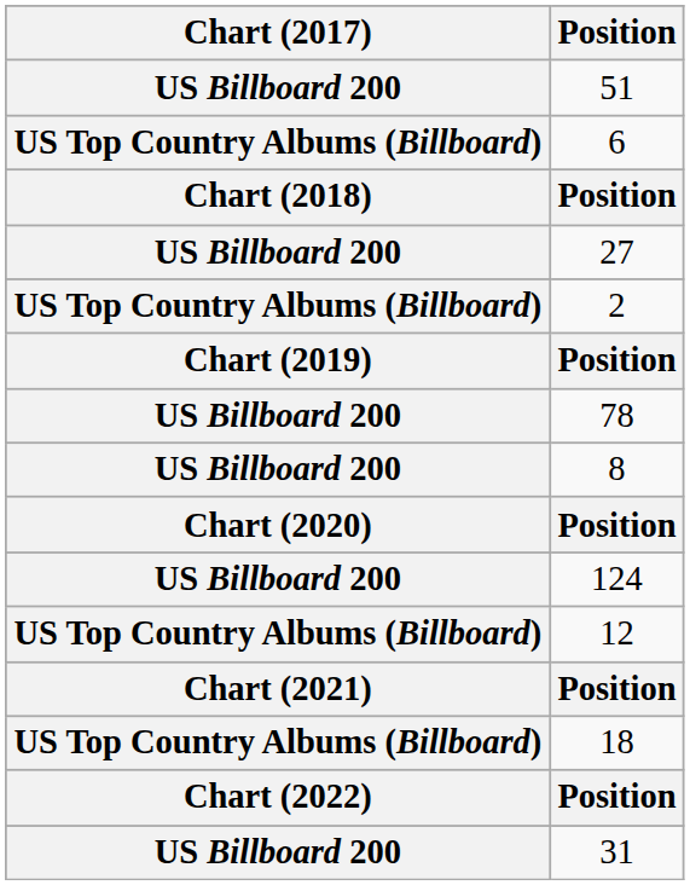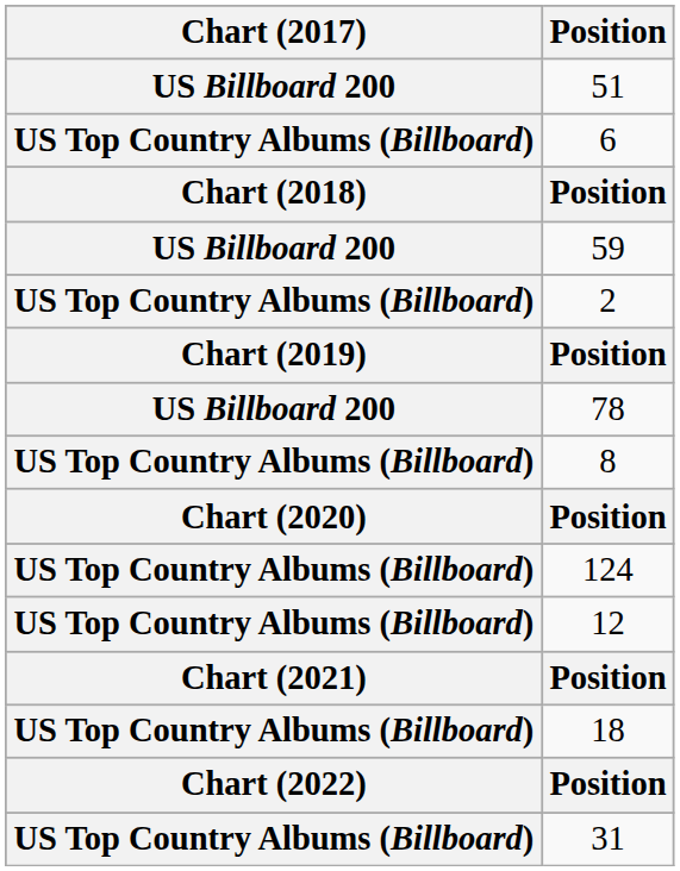 <table class="wikitable plainrowheaders" style="text-align:center">
 <tr>
 <th scope="col">Chart (2017)</th>
 <th scope="col">Position</th>
 </tr>
 <tr>
 <th scope="row">US <em>Billboard</em> 200</th>
 <td>51</td>
 </tr>
 <tr>
 <th scope="row">US Top Country Albums (<em>Billboard</em>)</th>
 <td>6</td>
 </tr>
 <tr>
 <th scope="col">Chart (2018)</th>
 <th scope="col">Position</th>
 </tr>
 <tr>
 <th scope="row">US <em>Billboard</em> 200</th>
-<td>27</td>
+<td>59</td>
 </tr>
 <tr>
 <th scope="row">US Top Country Albums (<em>Billboard</em>)</th>
 <td>2</td>
 </tr>
 <tr>
 <th scope="col">Chart (2019)</th>
 <th scope="col">Position</th>
 </tr>
 <tr>
 <th scope="row">US <em>Billboard</em> 200</th>
 <td>78</td>
 </tr>
 <tr>
-<th scope="row">US <em>Billboard</em> 200</th>
+<th scope="row">US Top Country Albums (<em>Billboard</em>)</th>
 <td>8</td>
 </tr>
 <tr>
 <th scope="col">Chart (2020)</th>
 <th scope="col">Position</th>
 </tr>
 <tr>
-<th scope="row">US <em>Billboard</em> 200</th>
+<th scope="row">US Top Country Albums (<em>Billboard</em>)</th>
 <td>124</td>
 </tr>
 <tr>
 <th scope="row">US Top Country Albums (<em>Billboard</em>)</th>
 <td>12</td>
 </tr>
 <tr>
 <th scope="col">Chart (2021)</th>
 <th scope="col">Position</th>
 </tr>
 <tr>
 <th scope="row">US Top Country Albums (<em>Billboard</em>)</th>
 <td>18</td>
 </tr>
 <tr>
 <th scope="col">Chart (2022)</th>
 <th scope="col">Position</th>
 </tr>
 <tr>
-<th scope="row">US <em>Billboard</em> 200</th>
+<th scope="row">US Top Country Albums (<em>Billboard</em>)</th>
 <td>31</td>
 </tr>
 </table>
